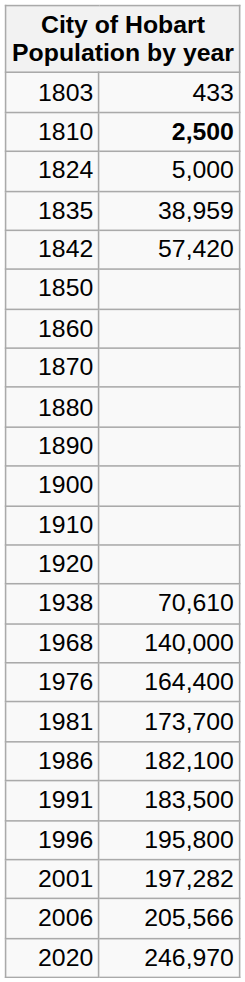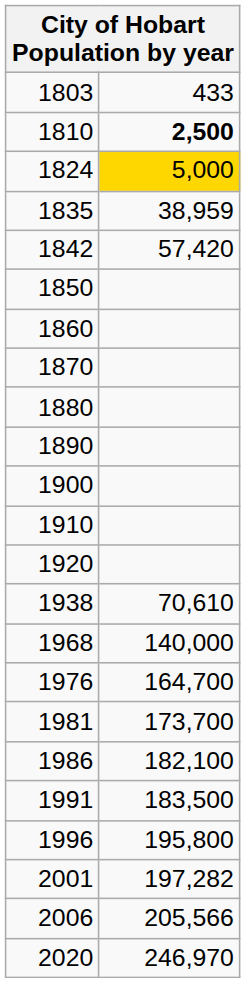 <table class="wikitable" style="float:right; margin-left:3px; text-size:80%; text-align:right">
 <tr>
 <th style="text-align:center;" colspan="2"><strong>City of Hobart <br>Population by year</strong></th>
 </tr>
 <tr>
 <td>1803</td>
 <td>433</td>
 </tr>
 <tr>
 <td>1810</td>
 <td><strong>2,500</strong></td>
 </tr>
 <tr>
 <td>1824</td>
-<td>5,000</td>
+<td style="background: gold;">5,000</td>
 </tr>
 <tr>
 <td>1835</td>
 <td>38,959</td>
 </tr>
 <tr>
 <td>1842</td>
 <td>57,420</td>
 </tr>
 <tr>
 <td>1850</td>
 <td></td>
 </tr>
 <tr>
 <td>1860</td>
 <td></td>
 </tr>
 <tr>
 <td>1870</td>
 <td></td>
 </tr>
 <tr>
 <td>1880</td>
 <td></td>
 </tr>
 <tr>
 <td>1890</td>
 <td></td>
 </tr>
 <tr>
 <td>1900</td>
 <td></td>
 </tr>
 <tr>
 <td>1910</td>
 <td></td>
 </tr>
 <tr>
 <td>1920</td>
 <td></td>
 </tr>
 <tr>
 <td>1938</td>
 <td>70,610</td>
 </tr>
 <tr>
 <td>1968</td>
 <td>140,000</td>
 </tr>
 <tr>
 <td>1976</td>
-<td>164,400</td>
+<td>164,700</td>
 </tr>
 <tr>
 <td>1981</td>
 <td>173,700</td>
 </tr>
 <tr>
 <td>1986</td>
 <td>182,100</td>
 </tr>
 <tr>
 <td>1991</td>
 <td>183,500</td>
 </tr>
 <tr>
 <td>1996</td>
 <td>195,800</td>
 </tr>
 <tr>
 <td>2001</td>
 <td>197,282</td>
 </tr>
 <tr>
 <td>2006</td>
 <td>205,566</td>
 </tr>
 <tr>
 <td>2020</td>
 <td>246,970</td>
 </tr>
 </table>
